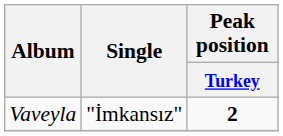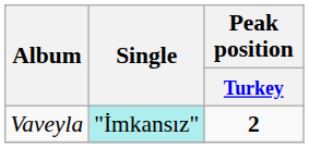 <table class="wikitable">
 <tr>
 <th rowspan="2">Album</th>
 <th rowspan="2">Single</th>
 <th colspan="4">Peak position</th>
 </tr>
 <tr>
 <th width="60"><small><a href='#'>Turkey</a></small></th>
 </tr>
 <tr>
 <td align="center" rowspan="1"><em>Vaveyla</em></td>
-<td align="left">"İmkansız"</td>
+<td align="left" style="background: paleturquoise;">"İmkansız"</td>
 <td align="center"><strong>2</strong></td>
 </tr>
 <tr>
 </tr>
 </table>
